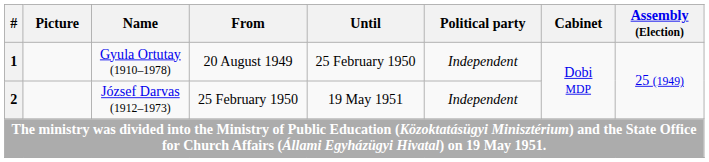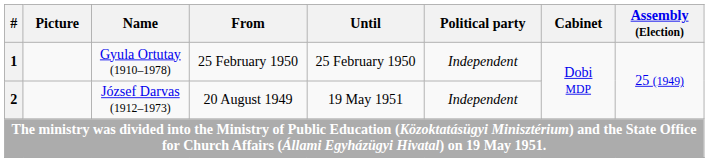 <table width=90% class="wikitable" style="text-align:center">
 <tr>
 <th>#</th>
 <th>Picture</th>
 <th>Name</th>
 <th>From</th>
 <th>Until</th>
 <th>Political party</th>
 <th>Cabinet</th>
 <th><a href='#'>Assembly</a><br><small>(Election)</small></th>
 </tr>
 <tr>
 <th style="background-color:">1</th>
 <td></td>
 <td><a href='#'>Gyula Ortutay</a><br><small>(1910–1978)</small></td>
-<td>20 August 1949</td>
+<td>25 February 1950</td>
 <td>25 February 1950</td>
 <td><em>Independent</em></td>
 <td rowspan="2"><a href='#'>Dobi</a><br><small><a href='#'>MDP</a></small></td>
 <td rowspan="2"><a href='#'>25 <small>(1949)</small></a></td>
 </tr>
 <tr>
 <th style="background-color:">2</th>
 <td></td>
 <td><a href='#'>József Darvas</a><br><small>(1912–1973)</small></td>
-<td>25 February 1950</td>
+<td>20 August 1949</td>
 <td>19 May 1951</td>
 <td><em>Independent</em></td>
 </tr>
 <tr>
 <th colspan="8" style="background-color:#ACACAC; color:white">The ministry was divided into the Ministry of Public Education (<em>Közoktatásügyi Minisztérium</em>) and the State Office for Church Affairs (<em>Állami Egyházügyi Hivatal</em>) on 19 May 1951.</th>
 </tr>
 <tr>
 </tr>
 </table>
